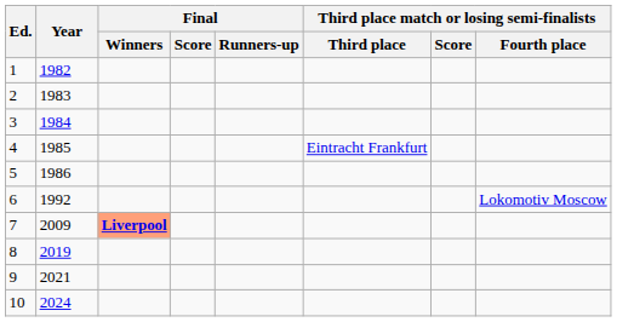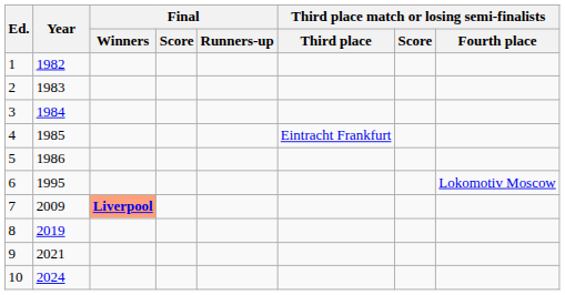 <table class="wikitable" style="font-size:90%; text-align: ; width: ">
 <tr>
 <th rowspan="2" style="width:;">Ed.</th>
 <th rowspan="2" style="width:50px;">Year</th>
 <th colspan=3>Final</th>
 <th colspan=3>Third place match or losing semi-finalists</th>
 </tr>
 <tr>
 <th>Winners</th>
 <th>Score</th>
 <th>Runners-up</th>
 <th>Third place</th>
 <th>Score</th>
 <th>Fourth place</th>
 </tr>
 <tr>
 <td>1</td>
 <td><a href='#'>1982</a></td>
 <td><strong></strong></td>
 <td></td>
 <td></td>
 <td></td>
 <td></td>
 <td></td>
 </tr>
 <tr>
 <td>2</td>
 <td>1983</td>
 <td><strong></strong></td>
 <td></td>
 <td></td>
 <td></td>
 <td></td>
 <td></td>
 </tr>
 <tr>
 <td>3</td>
 <td><a href='#'>1984</a></td>
 <td><strong></strong></td>
 <td></td>
 <td></td>
 <td></td>
 <td></td>
 <td></td>
 </tr>
 <tr>
 <td>4</td>
 <td>1985</td>
 <td><strong></strong></td>
 <td></td>
 <td></td>
 <td> <a href='#'>Eintracht Frankfurt</a></td>
 <td></td>
 <td></td>
 </tr>
 <tr>
 <td>5</td>
 <td>1986</td>
 <td><strong></strong></td>
 <td></td>
 <td></td>
 <td></td>
 <td></td>
 <td></td>
 </tr>
 <tr>
 <td>6</td>
-<td>1992</td>
+<td>1995</td>
 <td><strong></strong></td>
 <td></td>
 <td></td>
 <td></td>
 <td></td>
 <td> <a href='#'>Lokomotiv Moscow</a></td>
 </tr>
 <tr>
 <td>7</td>
 <td>2009</td>
 <td style="background: lightsalmon;"><strong> <a href='#'>Liverpool</a></strong></td>
 <td></td>
 <td></td>
 <td></td>
 <td></td>
 <td></td>
 </tr>
 <tr>
 <td>8</td>
 <td><a href='#'>2019</a></td>
 <td><strong></strong></td>
 <td></td>
 <td></td>
 <td></td>
 <td></td>
 <td></td>
 </tr>
 <tr>
 <td>9</td>
 <td>2021</td>
 <td><strong></strong></td>
 <td></td>
 <td></td>
 <td></td>
 <td></td>
 <td></td>
 </tr>
 <tr>
 <td>10</td>
 <td><a href='#'>2024</a></td>
 <td></td>
 <td></td>
 <td></td>
 <td></td>
 <td></td>
 <td></td>
 </tr>
 </table>
